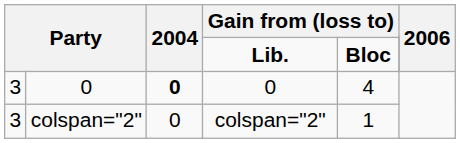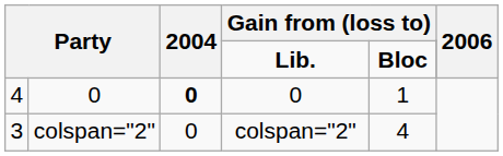 <table class="wikitable"  style="text-align:center;">
 <tr>
 <th rowspan="2" colspan="2">Party</th>
 <th rowspan="2">2004</th>
 <th colspan="4">Gain from (loss to)</th>
 <th rowspan="2">2006</th>
 </tr>
 <tr>
 <td><strong>Lib.</strong></td>
 <td><strong>Bloc</strong></td>
 </tr>
 <tr>
-<td>3</td>
+<td>4</td>
 <td>0</td>
 <td><strong>0</strong></td>
 <td>0</td>
-<td>4</td>
+<td>1</td>
 </tr>
 <tr>
 <td>3</td>
 <td>colspan="2" </td>
 <td>0</td>
 <td>colspan="2" </td>
-<td>1</td>
+<td>4</td>
 </tr>
 </table>
